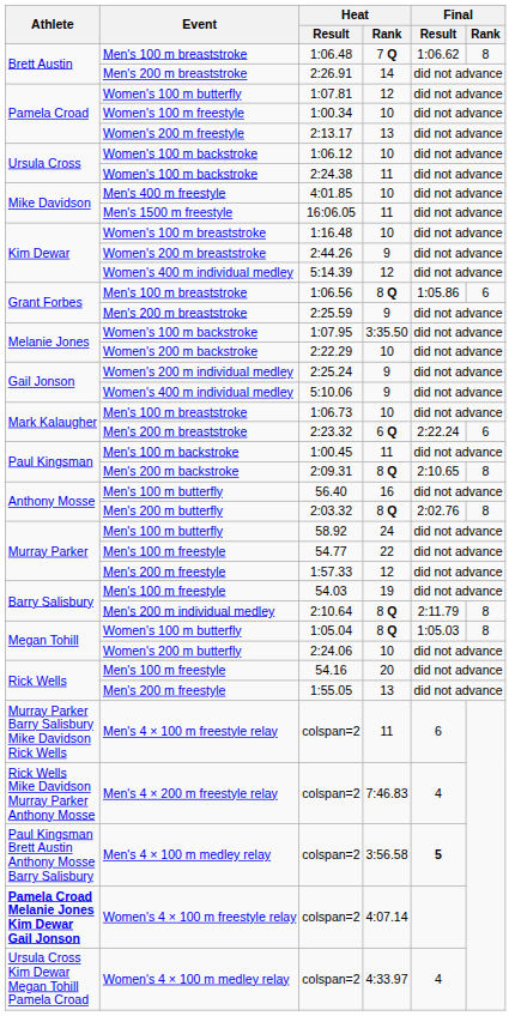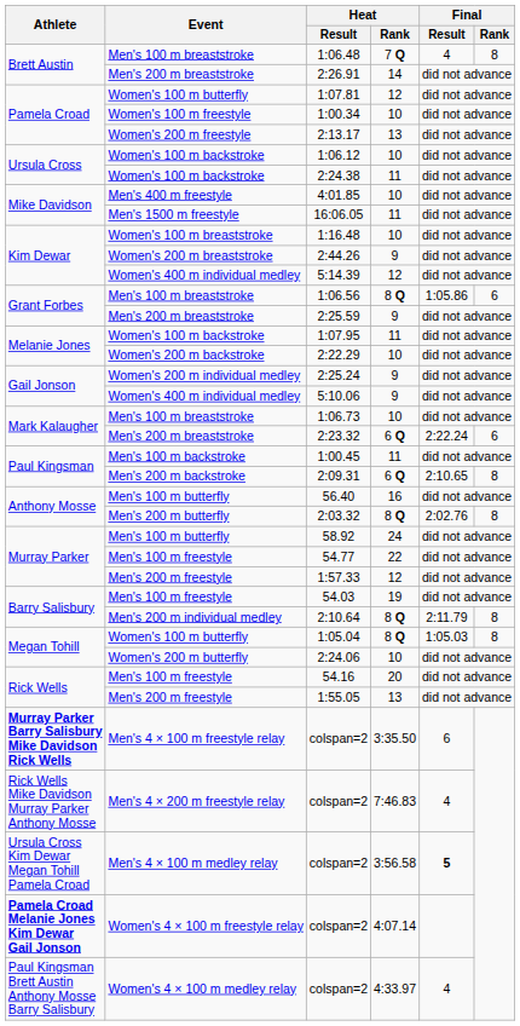 <table class=wikitable style=font-size:90%>
 <tr>
 <th rowspan=2>Athlete</th>
 <th rowspan=2>Event</th>
 <th colspan=2>Heat</th>
 <th colspan=2>Final</th>
 </tr>
 <tr style=font-size:95%>
 <th>Result</th>
 <th>Rank</th>
 <th>Result</th>
 <th>Rank</th>
 </tr>
 <tr align=center>
 <td align=left rowspan=2><a href='#'>Brett Austin</a></td>
 <td align=left><a href='#'>Men's 100 m breaststroke</a></td>
 <td>1:06.48</td>
 <td>7 <strong>Q</strong></td>
-<td>1:06.62</td>
+<td>4</td>
 <td>8</td>
 </tr>
 <tr align=center>
 <td align=left><a href='#'>Men's 200 m breaststroke</a></td>
 <td>2:26.91</td>
 <td>14</td>
 <td colspan=2>did not advance</td>
 </tr>
 <tr align=center>
 <td align=left rowspan=3><a href='#'>Pamela Croad</a></td>
 <td align=left><a href='#'>Women's 100 m butterfly</a></td>
 <td>1:07.81</td>
 <td>12</td>
 <td colspan=2>did not advance</td>
 </tr>
 <tr align=center>
 <td align=left><a href='#'>Women's 100 m freestyle</a></td>
 <td>1:00.34</td>
 <td>10</td>
 <td colspan=2>did not advance</td>
 </tr>
 <tr align=center>
 <td align=left><a href='#'>Women's 200 m freestyle</a></td>
 <td>2:13.17</td>
 <td>13</td>
 <td colspan=2>did not advance</td>
 </tr>
 <tr align=center>
 <td align=left rowspan=2><a href='#'>Ursula Cross</a></td>
 <td align=left><a href='#'>Women's 100 m backstroke</a></td>
 <td>1:06.12</td>
 <td>10</td>
 <td colspan=2>did not advance</td>
 </tr>
 <tr align=center>
 <td align=left><a href='#'>Women's 100 m backstroke</a></td>
 <td>2:24.38</td>
 <td>11</td>
 <td colspan=2>did not advance</td>
 </tr>
 <tr align=center>
 <td align=left rowspan=2><a href='#'>Mike Davidson</a></td>
 <td align=left><a href='#'>Men's 400 m freestyle</a></td>
 <td>4:01.85</td>
 <td>10</td>
 <td colspan=2>did not advance</td>
 </tr>
 <tr align=center>
 <td align=left><a href='#'>Men's 1500 m freestyle</a></td>
 <td>16:06.05</td>
 <td>11</td>
 <td colspan=2>did not advance</td>
 </tr>
 <tr align=center>
 <td align=left rowspan=3><a href='#'>Kim Dewar</a></td>
 <td align=left><a href='#'>Women's 100 m breaststroke</a></td>
 <td>1:16.48</td>
 <td>10</td>
 <td colspan=2>did not advance</td>
 </tr>
 <tr align=center>
 <td align=left><a href='#'>Women's 200 m breaststroke</a></td>
 <td>2:44.26</td>
 <td>9</td>
 <td colspan=2>did not advance</td>
 </tr>
 <tr align=center>
 <td align=left><a href='#'>Women's 400 m individual medley</a></td>
 <td>5:14.39</td>
 <td>12</td>
 <td colspan=2>did not advance</td>
 </tr>
 <tr align=center>
 <td align=left rowspan=2><a href='#'>Grant Forbes</a></td>
 <td align=left><a href='#'>Men's 100 m breaststroke</a></td>
 <td>1:06.56</td>
 <td>8 <strong>Q</strong></td>
 <td>1:05.86</td>
 <td>6</td>
 </tr>
 <tr align=center>
 <td align=left><a href='#'>Men's 200 m breaststroke</a></td>
 <td>2:25.59</td>
 <td>9</td>
 <td colspan=2>did not advance</td>
 </tr>
 <tr align=center>
 <td align=left rowspan=2><a href='#'>Melanie Jones</a></td>
 <td align=left><a href='#'>Women's 100 m backstroke</a></td>
 <td>1:07.95</td>
-<td>3:35.50</td>
+<td>11</td>
 <td colspan=2>did not advance</td>
 </tr>
 <tr align=center>
 <td align=left><a href='#'>Women's 200 m backstroke</a></td>
 <td>2:22.29</td>
 <td>10</td>
 <td colspan=2>did not advance</td>
 </tr>
 <tr align=center>
 <td align=left rowspan=2><a href='#'>Gail Jonson</a></td>
 <td align=left><a href='#'>Women's 200 m individual medley</a></td>
 <td>2:25.24</td>
 <td>9</td>
 <td colspan=2>did not advance</td>
 </tr>
 <tr align=center>
 <td align=left><a href='#'>Women's 400 m individual medley</a></td>
 <td>5:10.06</td>
 <td>9</td>
 <td colspan=2>did not advance</td>
 </tr>
 <tr align=center>
 <td align=left rowspan=2><a href='#'>Mark Kalaugher</a></td>
 <td align=left><a href='#'>Men's 100 m breaststroke</a></td>
 <td>1:06.73</td>
 <td>10</td>
 <td colspan=2>did not advance</td>
 </tr>
 <tr align=center>
 <td align=left><a href='#'>Men's 200 m breaststroke</a></td>
 <td>2:23.32</td>
 <td>6 <strong>Q</strong></td>
 <td>2:22.24</td>
 <td>6</td>
 </tr>
 <tr align=center>
 <td align=left rowspan=2><a href='#'>Paul Kingsman</a></td>
 <td align=left><a href='#'>Men's 100 m backstroke</a></td>
 <td>1:00.45</td>
 <td>11</td>
 <td colspan=2>did not advance</td>
 </tr>
 <tr align=center>
 <td align=left><a href='#'>Men's 200 m backstroke</a></td>
 <td>2:09.31</td>
-<td>8 <strong>Q</strong></td>
+<td>6 <strong>Q</strong></td>
 <td>2:10.65</td>
 <td>8</td>
 </tr>
 <tr align=center>
 <td align=left rowspan=2><a href='#'>Anthony Mosse</a></td>
 <td align=left><a href='#'>Men's 100 m butterfly</a></td>
 <td>56.40</td>
 <td>16</td>
 <td colspan=2>did not advance</td>
 </tr>
 <tr align=center>
 <td align=left><a href='#'>Men's 200 m butterfly</a></td>
 <td>2:03.32</td>
 <td>8 <strong>Q</strong></td>
 <td>2:02.76</td>
 <td>8</td>
 </tr>
 <tr align=center>
 <td align=left rowspan=3><a href='#'>Murray Parker</a></td>
 <td align=left><a href='#'>Men's 100 m butterfly</a></td>
 <td>58.92</td>
 <td>24</td>
 <td colspan=2>did not advance</td>
 </tr>
 <tr align=center>
 <td align=left><a href='#'>Men's 100 m freestyle</a></td>
 <td>54.77</td>
 <td>22</td>
 <td colspan=2>did not advance</td>
 </tr>
 <tr align=center>
 <td align=left><a href='#'>Men's 200 m freestyle</a></td>
 <td>1:57.33</td>
 <td>12</td>
 <td colspan=2>did not advance</td>
 </tr>
 <tr align=center>
 <td align=left rowspan=2><a href='#'>Barry Salisbury</a></td>
 <td align=left><a href='#'>Men's 100 m freestyle</a></td>
 <td>54.03</td>
 <td>19</td>
 <td colspan=2>did not advance</td>
 </tr>
 <tr align=center>
 <td align=left><a href='#'>Men's 200 m individual medley</a></td>
 <td>2:10.64</td>
 <td>8 <strong>Q</strong></td>
 <td>2:11.79</td>
 <td>8</td>
 </tr>
 <tr align=center>
 <td align=left rowspan=2><a href='#'>Megan Tohill</a></td>
 <td align=left><a href='#'>Women's 100 m butterfly</a></td>
 <td>1:05.04</td>
 <td>8 <strong>Q</strong></td>
 <td>1:05.03</td>
 <td>8</td>
 </tr>
 <tr align=center>
 <td align=left><a href='#'>Women's 200 m butterfly</a></td>
 <td>2:24.06</td>
 <td>10</td>
 <td colspan=2>did not advance</td>
 </tr>
 <tr align=center>
 <td align=left rowspan=2><a href='#'>Rick Wells</a></td>
 <td align=left><a href='#'>Men's 100 m freestyle</a></td>
 <td>54.16</td>
 <td>20</td>
 <td colspan=2>did not advance</td>
 </tr>
 <tr align=center>
 <td align=left><a href='#'>Men's 200 m freestyle</a></td>
 <td>1:55.05</td>
 <td>13</td>
 <td colspan=2>did not advance</td>
 </tr>
 <tr align=center>
-<td align=left><a href='#'>Murray Parker</a><br><a href='#'>Barry Salisbury</a><br><a href='#'>Mike Davidson</a><br><a href='#'>Rick Wells</a></td>
+<td align=left><strong><a href='#'>Murray Parker</a><br><a href='#'>Barry Salisbury</a><br><a href='#'>Mike Davidson</a><br><a href='#'>Rick Wells</a></strong></td>
 <td align=left><a href='#'>Men's 4 × 100 m freestyle relay</a></td>
 <td>colspan=2 </td>
-<td>11</td>
+<td>3:35.50</td>
 <td>6</td>
 </tr>
 <tr align=center>
 <td align=left><a href='#'>Rick Wells</a><br><a href='#'>Mike Davidson</a><br><a href='#'>Murray Parker</a><br><a href='#'>Anthony Mosse</a></td>
 <td align=left><a href='#'>Men's 4 × 200 m freestyle relay</a></td>
 <td>colspan=2 </td>
 <td>7:46.83</td>
 <td>4</td>
 </tr>
 <tr align=center>
-<td align=left><a href='#'>Paul Kingsman</a><br><a href='#'>Brett Austin</a><br><a href='#'>Anthony Mosse</a><br><a href='#'>Barry Salisbury</a></td>
+<td align=left><a href='#'>Ursula Cross</a><br><a href='#'>Kim Dewar</a><br><a href='#'>Megan Tohill</a><br><a href='#'>Pamela Croad</a></td>
 <td align=left><a href='#'>Men's 4 × 100 m medley relay</a></td>
 <td>colspan=2 </td>
 <td>3:56.58</td>
 <td><strong>5</strong></td>
 </tr>
 <tr align=center>
 <td align=left><strong><a href='#'>Pamela Croad</a><br><a href='#'>Melanie Jones</a><br><a href='#'>Kim Dewar</a><br><a href='#'>Gail Jonson</a></strong></td>
 <td align=left><a href='#'>Women's 4 × 100 m freestyle relay</a></td>
 <td>colspan=2 </td>
 <td>4:07.14</td>
 <td></td>
 </tr>
 <tr align=center>
-<td align=left><a href='#'>Ursula Cross</a><br><a href='#'>Kim Dewar</a><br><a href='#'>Megan Tohill</a><br><a href='#'>Pamela Croad</a></td>
+<td align=left><a href='#'>Paul Kingsman</a><br><a href='#'>Brett Austin</a><br><a href='#'>Anthony Mosse</a><br><a href='#'>Barry Salisbury</a></td>
 <td align=left><a href='#'>Women's 4 × 100 m medley relay</a></td>
 <td>colspan=2 </td>
 <td>4:33.97</td>
 <td>4</td>
 </tr>
 </table>
